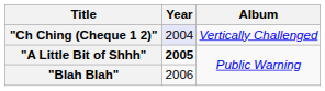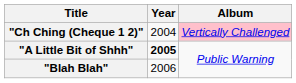 <table class="wikitable plainrowheaders" style="text-align:center;">
 <tr>
 <th scope="col" style="width:12em;">Title</th>
 <th scope="col">Year</th>
 <th scope="col">Album</th>
 </tr>
 <tr>
 <th scope="row">"Ch Ching (Cheque 1 2)"</th>
-<td style="background: lavender;">2004</td>
-<td><em><a href='#'>Vertically Challenged</a></em></td>
+<td>2004</td>
+<td style="background: pink;"><em><a href='#'>Vertically Challenged</a></em></td>
 </tr>
 <tr>
 <th scope="row">"A Little Bit of Shhh"</th>
 <td><strong>2005</strong></td>
 <td rowspan="2"><em><a href='#'>Public Warning</a></em></td>
 </tr>
 <tr>
 <th scope="row">"Blah Blah"</th>
 <td>2006</td>
 </tr>
 </table>
